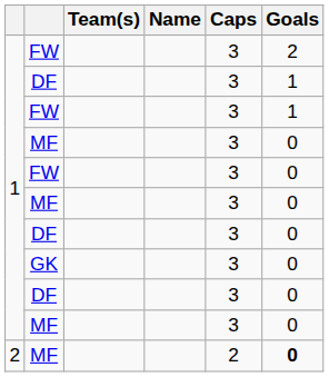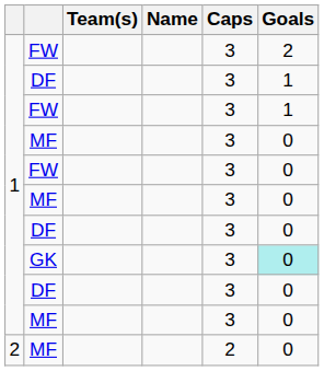 <table class="wikitable" style="text-align: center;">
 <tr>
 <th></th>
 <th></th>
 <th>Team(s)</th>
 <th>Name</th>
 <th>Caps</th>
 <th>Goals</th>
 </tr>
 <tr>
 <td rowspan="10">1</td>
 <td><a href='#'>FW</a></td>
 <td></td>
 <td><strong></strong></td>
 <td>3</td>
 <td>2</td>
 </tr>
 <tr>
 <td><a href='#'>DF</a></td>
 <td></td>
 <td><strong></strong></td>
 <td>3</td>
 <td>1</td>
 </tr>
 <tr>
 <td><a href='#'>FW</a></td>
 <td></td>
 <td><strong></strong></td>
 <td>3</td>
 <td>1</td>
 </tr>
 <tr>
 <td><a href='#'>MF</a></td>
 <td></td>
 <td><strong></strong></td>
 <td>3</td>
 <td>0</td>
 </tr>
 <tr>
 <td><a href='#'>FW</a></td>
 <td></td>
 <td><strong></strong></td>
 <td>3</td>
 <td>0</td>
 </tr>
 <tr>
 <td><a href='#'>MF</a></td>
 <td></td>
 <td><strong></strong></td>
 <td>3</td>
 <td>0</td>
 </tr>
 <tr>
 <td><a href='#'>DF</a></td>
 <td></td>
 <td><strong></strong></td>
 <td>3</td>
 <td>0</td>
 </tr>
 <tr>
 <td><a href='#'>GK</a></td>
 <td></td>
 <td><strong></strong></td>
 <td>3</td>
-<td>0</td>
+<td style="background: paleturquoise;">0</td>
 </tr>
 <tr>
 <td><a href='#'>DF</a></td>
 <td></td>
 <td><strong></strong></td>
 <td>3</td>
 <td>0</td>
 </tr>
 <tr>
 <td><a href='#'>MF</a></td>
 <td></td>
 <td><strong></strong></td>
 <td>3</td>
 <td>0</td>
 </tr>
 <tr>
 <td>2</td>
 <td><a href='#'>MF</a></td>
 <td></td>
 <td></td>
 <td>2</td>
-<td><strong>0</strong></td>
+<td>0</td>
 </tr>
 </table>
